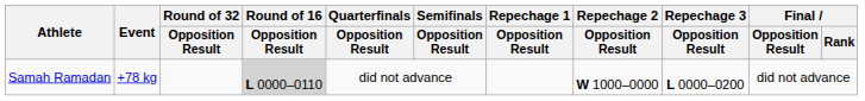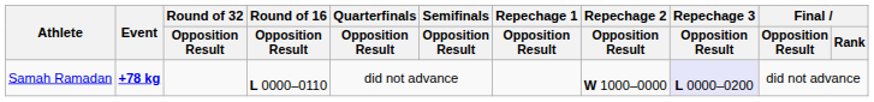 <table class="wikitable" style="font-size:90%">
 <tr>
 <th rowspan="2">Athlete</th>
 <th rowspan="2">Event</th>
 <th>Round of 32</th>
 <th>Round of 16</th>
 <th>Quarterfinals</th>
 <th>Semifinals</th>
 <th>Repechage 1</th>
 <th>Repechage 2</th>
 <th>Repechage 3</th>
 <th colspan=2>Final / </th>
 </tr>
 <tr style="font-size:95%">
 <th>Opposition<br>Result</th>
 <th>Opposition<br>Result</th>
 <th>Opposition<br>Result</th>
 <th>Opposition<br>Result</th>
 <th>Opposition<br>Result</th>
 <th>Opposition<br>Result</th>
 <th>Opposition<br>Result</th>
 <th>Opposition<br>Result</th>
 <th>Rank</th>
 </tr>
 <tr align=center>
 <td align=left><a href='#'>Samah Ramadan</a></td>
-<td align=left><a href='#'>+78 kg</a></td>
+<td align=left><strong><a href='#'>+78 kg</a></strong></td>
 <td></td>
-<td style="background: lightgrey;"><br><strong>L</strong> 0000–0110</td>
+<td><br><strong>L</strong> 0000–0110</td>
 <td colspan=2>did not advance</td>
 <td></td>
 <td><br><strong>W</strong> 1000–0000</td>
-<td><br><strong>L</strong> 0000–0200</td>
+<td style="background: lavender;"><br><strong>L</strong> 0000–0200</td>
 <td colspan=2>did not advance</td>
 </tr>
 </table>
